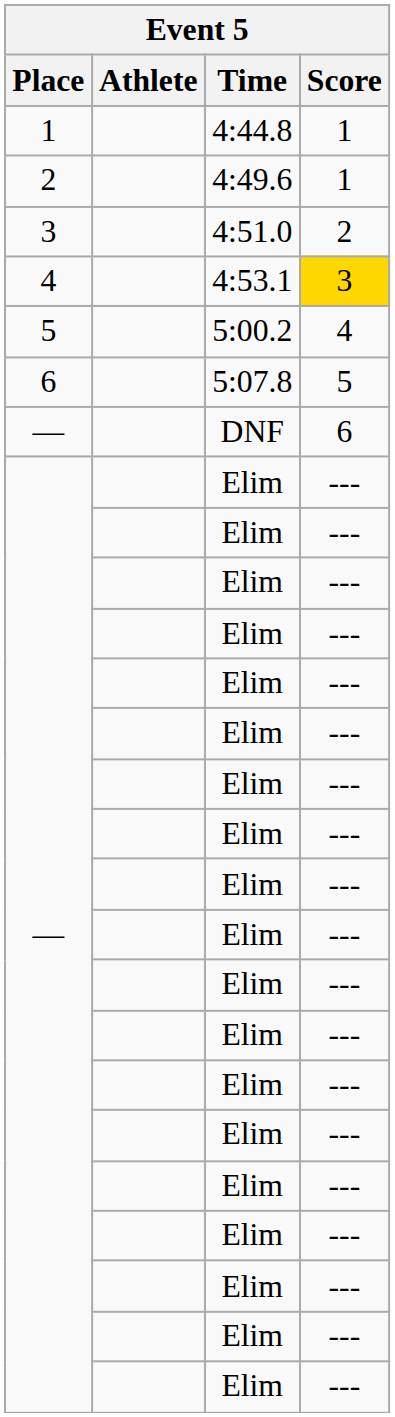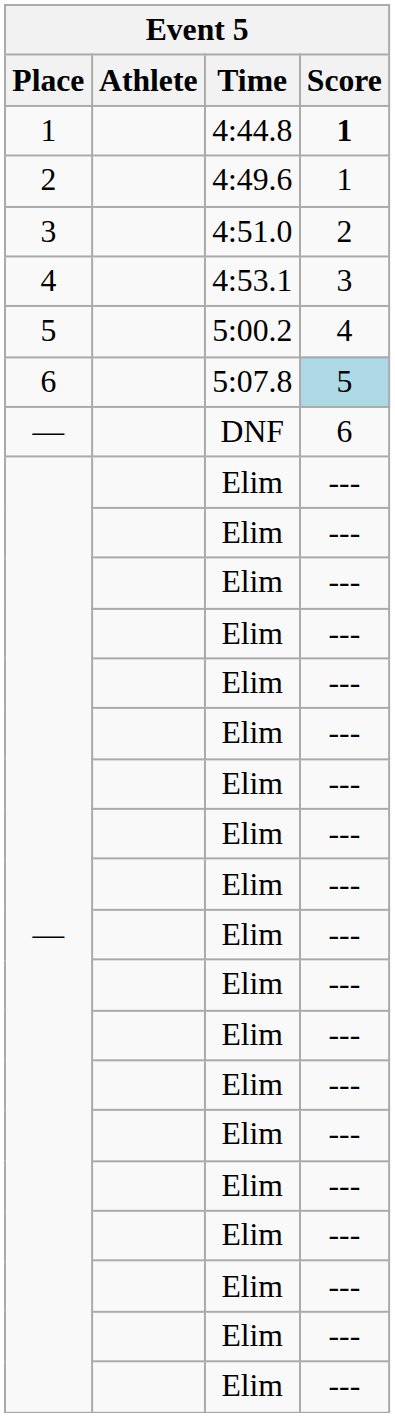 <table class=wikitable style="text-align:center">
 <tr>
 <th colspan=4><strong>Event 5</strong></th>
 </tr>
 <tr>
 <th>Place</th>
 <th>Athlete</th>
 <th>Time</th>
 <th>Score</th>
 </tr>
 <tr>
 <td>1</td>
 <td align=left></td>
 <td>4:44.8</td>
-<td>1</td>
+<td><strong>1</strong></td>
 </tr>
 <tr>
 <td>2</td>
 <td align=left></td>
 <td>4:49.6</td>
 <td>1</td>
 </tr>
 <tr>
 <td>3</td>
 <td align=left></td>
 <td>4:51.0</td>
 <td>2</td>
 </tr>
 <tr>
 <td>4</td>
 <td align=left></td>
 <td>4:53.1</td>
-<td style="background: gold;">3</td>
+<td>3</td>
 </tr>
 <tr>
 <td>5</td>
 <td align=left></td>
 <td>5:00.2</td>
 <td>4</td>
 </tr>
 <tr>
 <td>6</td>
 <td align=left></td>
 <td>5:07.8</td>
-<td>5</td>
+<td style="background: lightblue;">5</td>
 </tr>
 <tr>
 <td>—</td>
 <td align=left></td>
 <td>DNF</td>
 <td>6</td>
 </tr>
 <tr>
 <td rowspan=19>—</td>
 <td align=left></td>
 <td>Elim</td>
 <td>---</td>
 </tr>
 <tr>
 <td align=left></td>
 <td>Elim</td>
 <td>---</td>
 </tr>
 <tr>
 <td align=left></td>
 <td>Elim</td>
 <td>---</td>
 </tr>
 <tr>
 <td align=left></td>
 <td>Elim</td>
 <td>---</td>
 </tr>
 <tr>
 <td align=left></td>
 <td>Elim</td>
 <td>---</td>
 </tr>
 <tr>
 <td align=left></td>
 <td>Elim</td>
 <td>---</td>
 </tr>
 <tr>
 <td align=left></td>
 <td>Elim</td>
 <td>---</td>
 </tr>
 <tr>
 <td align=left></td>
 <td>Elim</td>
 <td>---</td>
 </tr>
 <tr>
 <td align=left></td>
 <td>Elim</td>
 <td>---</td>
 </tr>
 <tr>
 <td align=left></td>
 <td>Elim</td>
 <td>---</td>
 </tr>
 <tr>
 <td align=left></td>
 <td>Elim</td>
 <td>---</td>
 </tr>
 <tr>
 <td align=left></td>
 <td>Elim</td>
 <td>---</td>
 </tr>
 <tr>
 <td align=left></td>
 <td>Elim</td>
 <td>---</td>
 </tr>
 <tr>
 <td align=left></td>
 <td>Elim</td>
 <td>---</td>
 </tr>
 <tr>
 <td align=left></td>
 <td>Elim</td>
 <td>---</td>
 </tr>
 <tr>
 <td align=left></td>
 <td>Elim</td>
 <td>---</td>
 </tr>
 <tr>
 <td align=left></td>
 <td>Elim</td>
 <td>---</td>
 </tr>
 <tr>
 <td align=left></td>
 <td>Elim</td>
 <td>---</td>
 </tr>
 <tr>
 <td align=left></td>
 <td>Elim</td>
 <td>---</td>
 </tr>
 </table>
